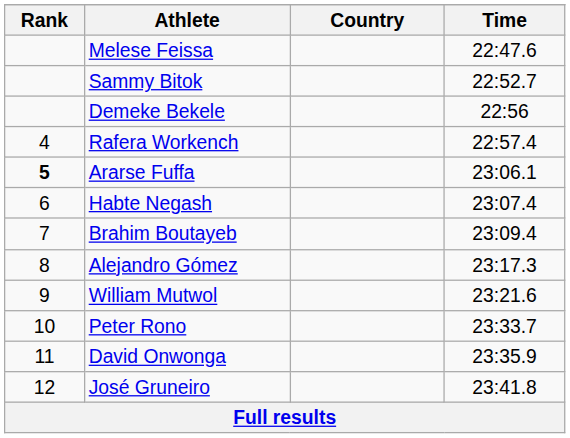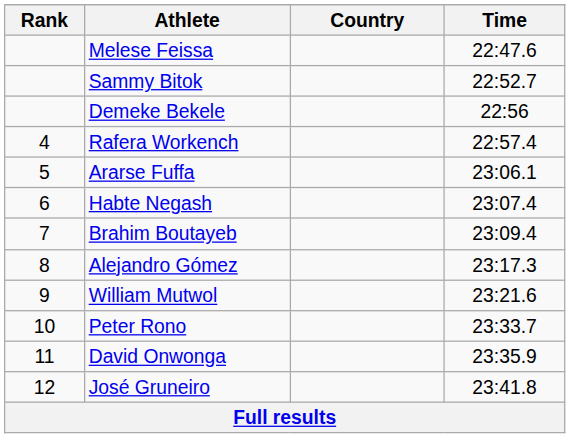 <table class="wikitable sortable" style=" text-align:center; font-size:95%;" width="50%">
 <tr>
 </tr>
 <tr>
 <th width=5%>Rank</th>
 <th width=20%>Athlete</th>
 <th width=15%>Country</th>
 <th width=10%>Time</th>
 </tr>
 <tr>
 <td align=center></td>
 <td align=left><a href='#'>Melese Feissa</a></td>
 <td align=left></td>
 <td>22:47.6</td>
 </tr>
 <tr>
 <td align=center></td>
 <td align=left><a href='#'>Sammy Bitok</a></td>
 <td align=left></td>
 <td>22:52.7</td>
 </tr>
 <tr>
 <td align=center></td>
 <td align=left><a href='#'>Demeke Bekele</a></td>
 <td align=left></td>
 <td>22:56</td>
 </tr>
 <tr>
 <td align=center>4</td>
 <td align=left><a href='#'>Rafera Workench</a></td>
 <td align=left></td>
 <td>22:57.4</td>
 </tr>
 <tr>
-<td align=center><strong>5</strong></td>
+<td align=center>5</td>
 <td align=left><a href='#'>Ararse Fuffa</a></td>
 <td align=left></td>
 <td>23:06.1</td>
 </tr>
 <tr>
 <td align=center>6</td>
 <td align=left><a href='#'>Habte Negash</a></td>
 <td align=left></td>
 <td>23:07.4</td>
 </tr>
 <tr>
 <td align=center>7</td>
 <td align=left><a href='#'>Brahim Boutayeb</a></td>
 <td align=left></td>
 <td>23:09.4</td>
 </tr>
 <tr>
 <td align=center>8</td>
 <td align=left><a href='#'>Alejandro Gómez</a></td>
 <td align=left></td>
 <td>23:17.3</td>
 </tr>
 <tr>
 <td align=center>9</td>
 <td align=left><a href='#'>William Mutwol</a></td>
 <td align=left></td>
 <td>23:21.6</td>
 </tr>
 <tr>
 <td align=center>10</td>
 <td align=left><a href='#'>Peter Rono</a></td>
 <td align=left></td>
 <td>23:33.7</td>
 </tr>
 <tr>
 <td align=center>11</td>
 <td align=left><a href='#'>David Onwonga</a></td>
 <td align=left></td>
 <td>23:35.9</td>
 </tr>
 <tr>
 <td align=center>12</td>
 <td align=left><a href='#'>José Gruneiro</a></td>
 <td align=left></td>
 <td>23:41.8</td>
 </tr>
 <tr class="sortbottom">
 <th colspan=4 align=center><a href='#'>Full results</a></th>
 </tr>
 </table>
